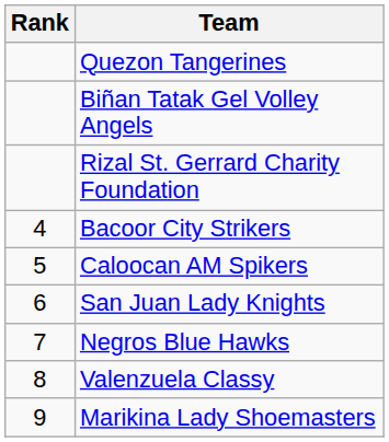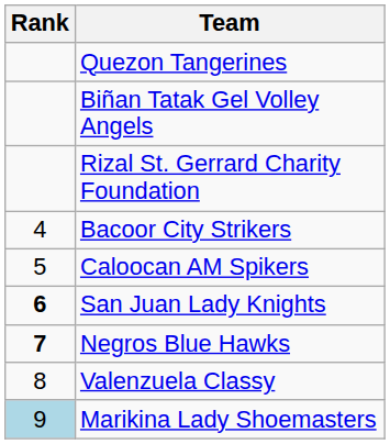 <table class="wikitable" style="text-align: center">
 <tr>
 <th width=>Rank</th>
 <th width=200>Team</th>
 </tr>
 <tr>
 <td></td>
 <td style="text-align:left"><a href='#'>Quezon Tangerines</a></td>
 </tr>
 <tr>
 <td></td>
 <td style="text-align:left"><a href='#'>Biñan Tatak Gel Volley Angels</a></td>
 </tr>
 <tr>
 <td></td>
 <td style="text-align:left"><a href='#'>Rizal St. Gerrard Charity Foundation</a></td>
 </tr>
 <tr>
 <td>4</td>
 <td style="text-align:left"><a href='#'>Bacoor City Strikers</a></td>
 </tr>
 <tr>
 <td>5</td>
 <td style="text-align:left"><a href='#'>Caloocan AM Spikers</a></td>
 </tr>
 <tr>
-<td>6</td>
+<td><strong>6</strong></td>
 <td style="text-align:left"><a href='#'>San Juan Lady Knights</a></td>
 </tr>
 <tr>
-<td>7</td>
+<td><strong>7</strong></td>
 <td style="text-align:left"><a href='#'>Negros Blue Hawks</a></td>
 </tr>
 <tr>
 <td>8</td>
 <td style="text-align:left"><a href='#'>Valenzuela Classy</a></td>
 </tr>
 <tr>
-<td>9</td>
+<td style="background: lightblue;">9</td>
 <td style="text-align:left"><a href='#'>Marikina Lady Shoemasters</a></td>
 </tr>
 </table>
